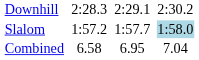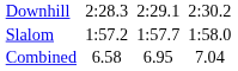 <table>
 <tr>
 <td><a href='#'>Downhill</a><br></td>
 <td></td>
 <td align=center>2:28.3</td>
 <td></td>
 <td align=center>2:29.1</td>
 <td></td>
 <td align=center>2:30.2</td>
 </tr>
 <tr>
 <td><a href='#'>Slalom</a><br></td>
 <td></td>
 <td align=center>1:57.2</td>
 <td></td>
 <td align=center>1:57.7</td>
 <td></td>
-<td align=center style="background: lightblue;">1:58.0</td>
+<td align=center>1:58.0</td>
 </tr>
 <tr>
 <td><a href='#'>Combined</a><br></td>
 <td></td>
 <td align=center>6.58</td>
 <td></td>
 <td align=center>6.95</td>
 <td></td>
 <td align=center>7.04</td>
 </tr>
 </table>
